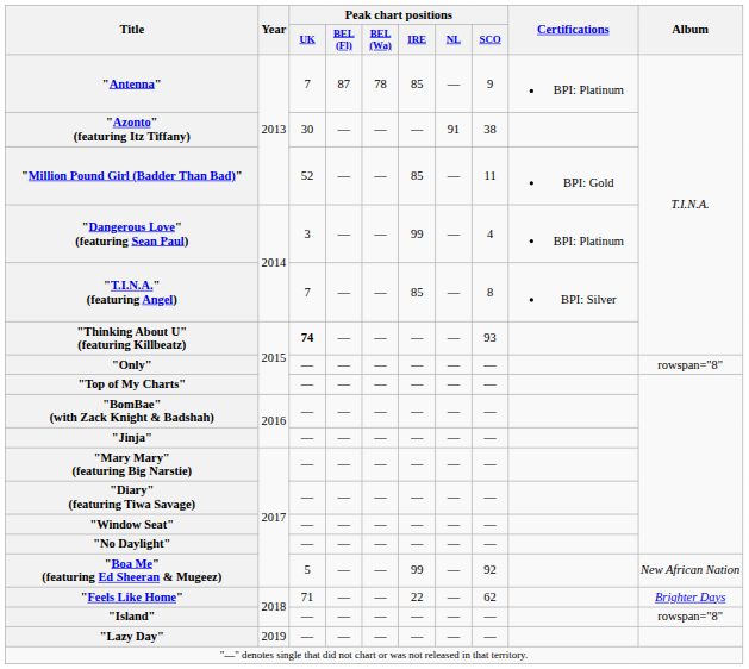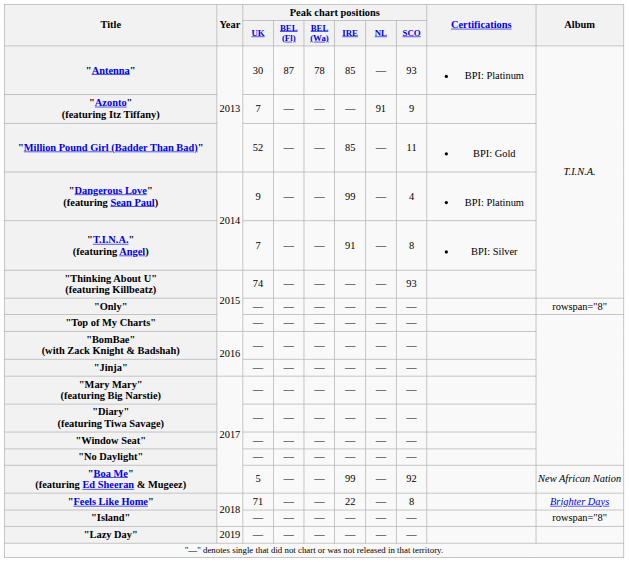 <table class="wikitable plainrowheaders" style="text-align:center;">
 <tr>
 <th scope="col" rowspan="2" style="width:20em;">Title</th>
 <th scope="col" rowspan="2" style="width:1em;">Year</th>
 <th scope="col" colspan="6">Peak chart positions</th>
 <th scope="col" rowspan="2" style="width:10em;"><a href='#'>Certifications</a></th>
 <th scope="col" rowspan="2">Album</th>
 </tr>
 <tr>
 <th scope="col" style="width:3em;font-size:85%;"><a href='#'>UK</a><br></th>
 <th scope="col" style="width:3em;font-size:85%;"><a href='#'>BEL (Fl)</a><br></th>
 <th scope="col" style="width:3em;font-size:85%;"><a href='#'>BEL (Wa)</a><br></th>
 <th scope="col" style="width:3em;font-size:85%;"><a href='#'>IRE</a><br></th>
 <th scope="col" style="width:3em;font-size:85%;"><a href='#'>NL</a><br></th>
 <th scope="col" style="width:3em;font-size:85%;"><a href='#'>SCO</a><br></th>
 </tr>
 <tr>
 <th scope="row">"<a href='#'>Antenna</a>"</th>
 <td rowspan="3">2013</td>
-<td>7</td>
+<td>30</td>
 <td>87</td>
 <td>78</td>
 <td>85</td>
 <td>—</td>
-<td>9</td>
+<td>93</td>
 <td><br><ul><li>BPI: Platinum</li></ul></td>
 <td rowspan="6"><em>T.I.N.A.</em></td>
 </tr>
 <tr>
 <th scope="row">"<a href='#'>Azonto</a>"<br><span>(featuring Itz Tiffany)</span></th>
-<td>30</td>
+<td>7</td>
 <td>—</td>
 <td>—</td>
 <td>—</td>
 <td>91</td>
-<td>38</td>
+<td>9</td>
 <td></td>
 </tr>
 <tr>
 <th scope="row">"<a href='#'>Million Pound Girl (Badder Than Bad)</a>"</th>
 <td>52</td>
 <td>—</td>
 <td>—</td>
 <td>85</td>
 <td>—</td>
 <td>11</td>
 <td><br><ul><li>BPI: Gold</li></ul></td>
 </tr>
 <tr>
 <th scope="row">"<a href='#'>Dangerous Love</a>"<br><span>(featuring <a href='#'>Sean Paul</a>)</span></th>
 <td rowspan="2">2014</td>
-<td>3</td>
+<td>9</td>
 <td>—</td>
 <td>—</td>
 <td>99</td>
 <td>—</td>
 <td>4</td>
 <td><br><ul><li>BPI: Platinum</li></ul></td>
 </tr>
 <tr>
 <th scope="row">"<a href='#'>T.I.N.A.</a>"<br><span>(featuring <a href='#'>Angel</a>)</span></th>
 <td>7</td>
 <td>—</td>
 <td>—</td>
-<td>85</td>
+<td>91</td>
 <td>—</td>
 <td>8</td>
 <td><br><ul><li>BPI: Silver</li></ul></td>
 </tr>
 <tr>
 <th scope="row">"Thinking About U"<br><span>(featuring Killbeatz)</span></th>
 <td rowspan="3">2015</td>
-<td><strong>74</strong></td>
+<td>74</td>
 <td>—</td>
 <td>—</td>
 <td>—</td>
 <td>—</td>
 <td>93</td>
 <td></td>
 </tr>
 <tr>
 <th scope="row">"Only"</th>
 <td>—</td>
 <td>—</td>
 <td>—</td>
 <td>—</td>
 <td>—</td>
 <td>—</td>
 <td></td>
 <td>rowspan="8" </td>
 </tr>
 <tr>
 <th scope="row">"Top of My Charts"</th>
 <td>—</td>
 <td>—</td>
 <td>—</td>
 <td>—</td>
 <td>—</td>
 <td>—</td>
 <td></td>
 </tr>
 <tr>
 <th scope="row">"BomBae"<br><span>(with Zack Knight & Badshah)</span></th>
 <td rowspan="2">2016</td>
 <td>—</td>
 <td>—</td>
 <td>—</td>
 <td>—</td>
 <td>—</td>
 <td>—</td>
 <td></td>
 </tr>
 <tr>
 <th scope="row">"Jinja"</th>
 <td>—</td>
 <td>—</td>
 <td>—</td>
 <td>—</td>
 <td>—</td>
 <td>—</td>
 <td></td>
 </tr>
 <tr>
 <th scope="row">"Mary Mary"<br><span>(featuring Big Narstie)</span></th>
 <td rowspan="5">2017</td>
 <td>—</td>
 <td>—</td>
 <td>—</td>
 <td>—</td>
 <td>—</td>
 <td>—</td>
 <td></td>
 </tr>
 <tr>
 <th scope="row">"Diary"<br><span>(featuring Tiwa Savage)</span></th>
 <td>—</td>
 <td>—</td>
 <td>—</td>
 <td>—</td>
 <td>—</td>
 <td>—</td>
 <td></td>
 </tr>
 <tr>
 <th scope="row">"Window Seat"</th>
 <td>—</td>
 <td>—</td>
 <td>—</td>
 <td>—</td>
 <td>—</td>
 <td>—</td>
 <td></td>
 </tr>
 <tr>
 <th scope="row">"No Daylight"</th>
 <td>—</td>
 <td>—</td>
 <td>—</td>
 <td>—</td>
 <td>—</td>
 <td>—</td>
 <td></td>
 </tr>
 <tr>
 <th scope="row">"<a href='#'>Boa Me</a>"<br><span>(featuring <a href='#'>Ed Sheeran</a> & Mugeez)</span></th>
 <td>5</td>
 <td>—</td>
 <td>—</td>
 <td>99</td>
 <td>—</td>
 <td>92</td>
 <td></td>
 <td><em>New African Nation</em></td>
 </tr>
 <tr>
 <th scope="row">"<a href='#'>Feels Like Home</a>"<br></th>
 <td rowspan="2">2018</td>
 <td>71</td>
 <td>—</td>
 <td>—</td>
 <td>22</td>
 <td>—</td>
-<td>62</td>
+<td>8</td>
 <td></td>
 <td><em><a href='#'>Brighter Days</a></em></td>
 </tr>
 <tr>
 <th scope="row">"Island"</th>
 <td>—</td>
 <td>—</td>
 <td>—</td>
 <td>—</td>
 <td>—</td>
 <td>—</td>
 <td></td>
 <td>rowspan="8" </td>
 </tr>
 <tr>
 <th scope="row">"Lazy Day"<br></th>
 <td>2019</td>
 <td>—</td>
 <td>—</td>
 <td>—</td>
 <td>—</td>
 <td>—</td>
 <td>—</td>
 <td></td>
 <td></td>
 </tr>
 <tr>
 <td colspan="18" style="font-size:85%">"—" denotes single that did not chart or was not released in that territory.</td>
 </tr>
 </table>
